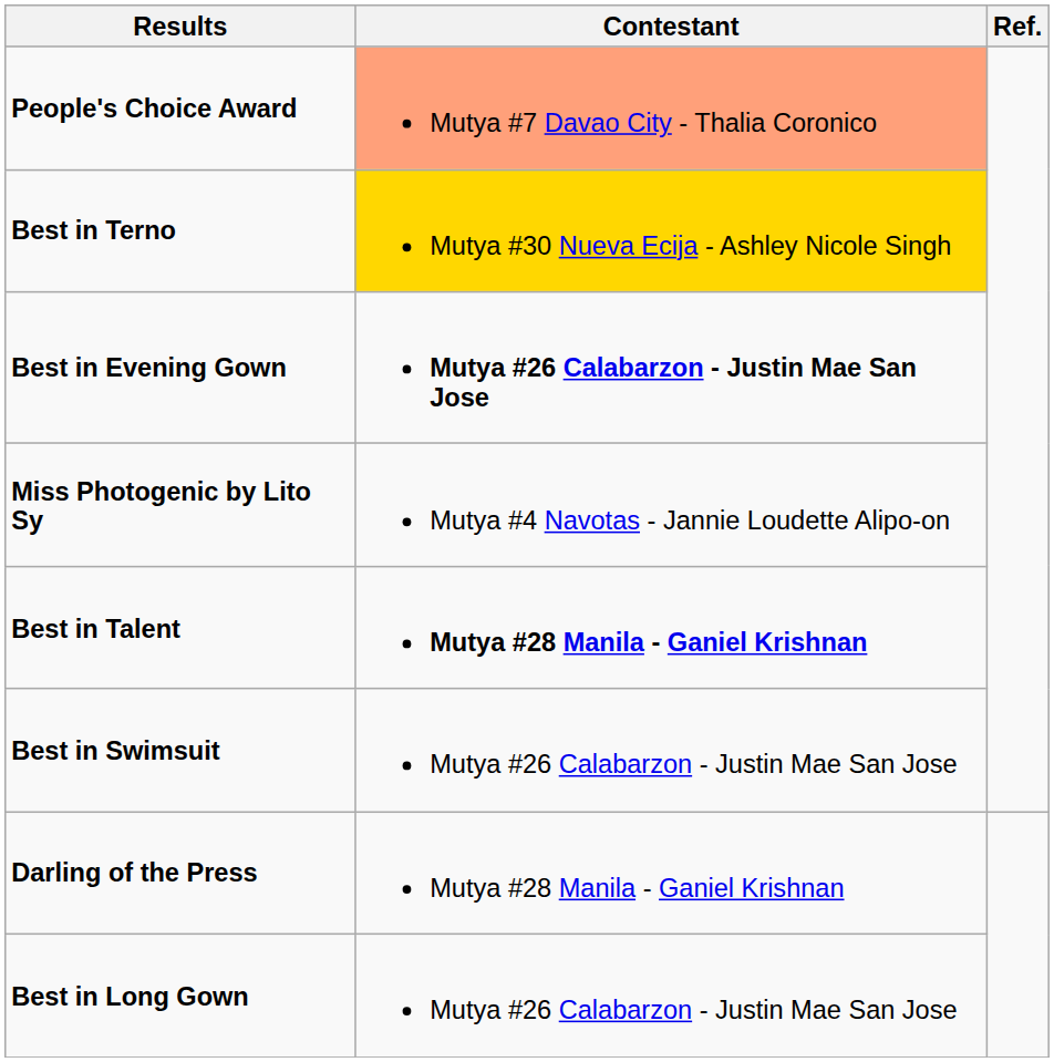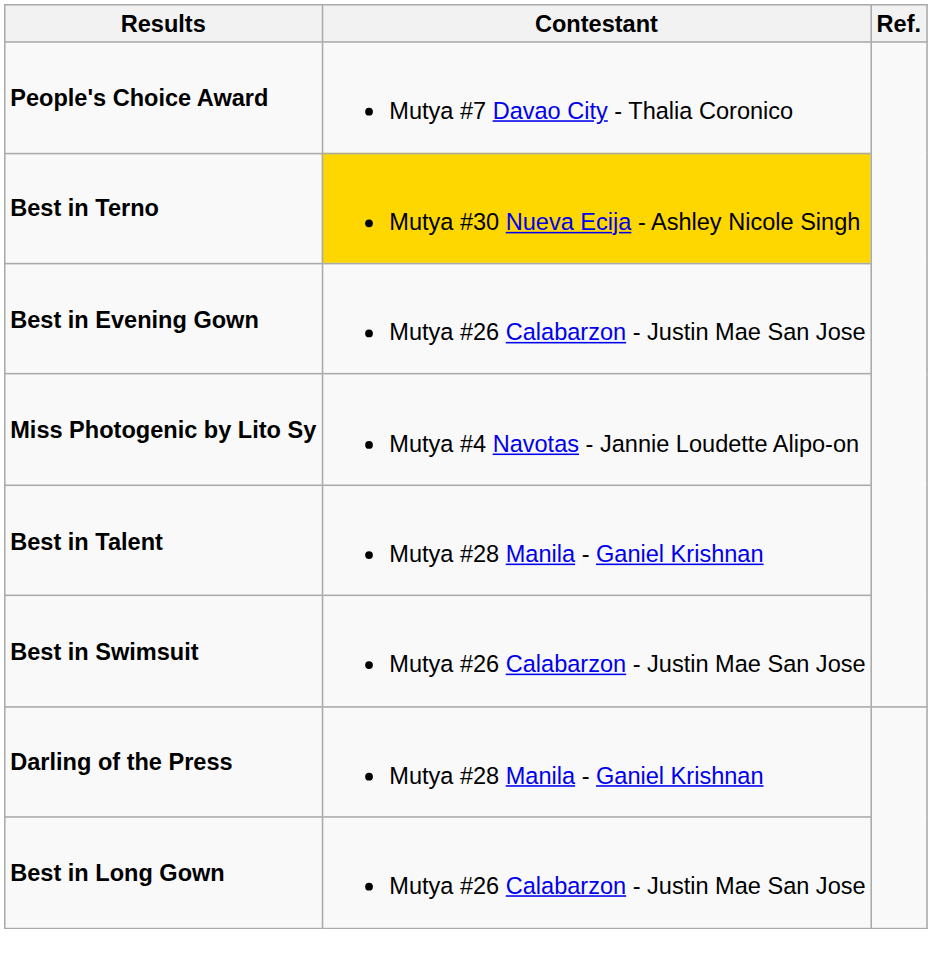 <table class="wikitable " style="font-size: 95%;">
 <tr>
 <th>Results</th>
 <th>Contestant</th>
 <th>Ref.</th>
 </tr>
 <tr>
 <td><strong>People's Choice Award</strong></td>
-<td style="background: lightsalmon;"><br><ul><li>Mutya #7 <a href='#'>Davao City</a> - Thalia Coronico</li></ul></td>
+<td><br><ul><li>Mutya #7 <a href='#'>Davao City</a> - Thalia Coronico</li></ul></td>
 <td rowspan="6"><br></td>
 </tr>
 <tr>
 <td><strong>Best in Terno</strong></td>
 <td style="background: gold;"><br><ul><li>Mutya #30 <a href='#'>Nueva Ecija</a> - Ashley Nicole Singh</li></ul></td>
 </tr>
 <tr>
 <td><strong>Best in Evening Gown</strong></td>
-<td><strong><br><ul><li>Mutya #26 <a href='#'>Calabarzon</a> - Justin Mae San Jose</li></ul></strong></td>
+<td><br><ul><li>Mutya #26 <a href='#'>Calabarzon</a> - Justin Mae San Jose</li></ul></td>
 </tr>
 <tr>
 <td><strong>Miss Photogenic by Lito Sy</strong></td>
 <td><br><ul><li>Mutya #4 <a href='#'>Navotas</a> - Jannie Loudette Alipo-on</li></ul></td>
 </tr>
 <tr>
 <td><strong>Best in Talent</strong></td>
-<td><strong><br><ul><li>Mutya #28 <a href='#'>Manila</a> - <a href='#'>Ganiel Krishnan</a></li></ul></strong></td>
+<td><br><ul><li>Mutya #28 <a href='#'>Manila</a> - <a href='#'>Ganiel Krishnan</a></li></ul></td>
 </tr>
 <tr>
 <td><strong>Best in Swimsuit</strong></td>
 <td><br><ul><li>Mutya #26 <a href='#'>Calabarzon</a> - Justin Mae San Jose</li></ul></td>
 </tr>
 <tr>
 <td><strong>Darling of the Press</strong></td>
 <td><br><ul><li>Mutya #28 <a href='#'>Manila</a> - <a href='#'>Ganiel Krishnan</a></li></ul></td>
 </tr>
 <tr>
 <td><strong>Best in Long Gown</strong></td>
 <td><br><ul><li>Mutya #26 <a href='#'>Calabarzon</a> - Justin Mae San Jose</li></ul></td>
 </tr>
 </table>
